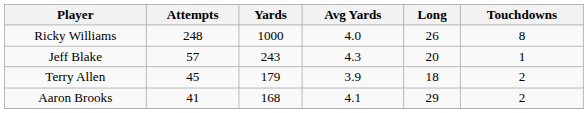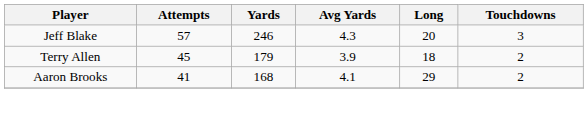 <table class="wikitable" width="80%">
 <tr align="center">
 <th>Player</th>
 <th>Attempts</th>
 <th>Yards</th>
 <th>Avg Yards</th>
 <th>Long</th>
 <th>Touchdowns</th>
 </tr>
 <tr align="center" bgcolor="">
-<td>Ricky Williams</td>
-<td>248</td>
-<td>1000</td>
-<td>4.0</td>
-<td>26</td>
-<td>8</td>
-</tr>
-<tr align="center" bgcolor="">
 <td>Jeff Blake</td>
 <td>57</td>
-<td>243</td>
+<td>246</td>
 <td>4.3</td>
 <td>20</td>
-<td>1</td>
+<td>3</td>
 </tr>
 <tr align="center" bgcolor="">
 <td>Terry Allen</td>
 <td>45</td>
 <td>179</td>
 <td>3.9</td>
 <td>18</td>
 <td>2</td>
 </tr>
 <tr align="center" bgcolor="">
 <td>Aaron Brooks</td>
 <td>41</td>
 <td>168</td>
 <td>4.1</td>
 <td>29</td>
 <td>2</td>
 </tr>
 <tr align="center" bgcolor="">
 </tr>
 </table>
